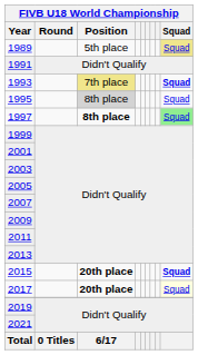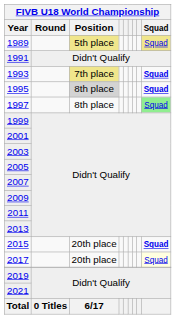 <table class="wikitable" style="text-align: center;">
 <tr>
 <th colspan=9><a href='#'>FIVB U18 World Championship</a></th>
 </tr>
 <tr>
 <th>Year</th>
 <th>Round</th>
 <th>Position</th>
 <th></th>
 <th></th>
 <th></th>
 <th></th>
 <th></th>
 <th><small>Squad</small></th>
 </tr>
 <tr>
 <td> <a href='#'>1989</a></td>
 <td></td>
-<td>5th place</td>
+<td style="background: khaki;">5th place</td>
 <td></td>
 <td></td>
 <td></td>
 <td></td>
 <td></td>
 <td style="background: khaki;"><small> <a href='#'>Squad</a></small></td>
 </tr>
 <tr bgcolor="efefef">
 <td> <a href='#'>1991</a></td>
 <td colspan=9>Didn't Qualify</td>
 </tr>
 <tr>
 <td> <a href='#'>1993</a></td>
 <td></td>
 <td style="background: khaki;">7th place</td>
 <td></td>
 <td></td>
 <td></td>
 <td></td>
 <td></td>
 <td><strong><small> <a href='#'>Squad</a></small></strong></td>
 </tr>
 <tr>
 <td> <a href='#'>1995</a></td>
 <td></td>
 <td style="background: lightgrey;">8th place</td>
 <td></td>
 <td></td>
 <td></td>
 <td></td>
 <td></td>
-<td><small> <a href='#'>Squad</a></small></td>
+<td><strong><small> <a href='#'>Squad</a></small></strong></td>
 </tr>
 <tr>
 <td> <a href='#'>1997</a></td>
 <td></td>
-<td><strong>8th place</strong></td>
+<td>8th place</td>
 <td></td>
 <td></td>
 <td></td>
 <td></td>
 <td></td>
 <td style="background: lightgreen;"><small> <a href='#'>Squad</a></small></td>
 </tr>
 <tr bgcolor="efefef">
 <td> <a href='#'>1999</a></td>
 <td colspan= 9 rowspan=8>Didn't Qualify</td>
 </tr>
 <tr bgcolor="efefef">
 <td> <a href='#'>2001</a></td>
 </tr>
 <tr bgcolor="efefef">
 <td> <a href='#'>2003</a></td>
 </tr>
 <tr bgcolor="efefef">
 <td> <a href='#'>2005</a></td>
 </tr>
 <tr bgcolor="efefef">
 <td> <a href='#'>2007</a></td>
 </tr>
 <tr bgcolor="efefef">
 <td> <a href='#'>2009</a></td>
 </tr>
 <tr bgcolor="efefef">
 <td> <a href='#'>2011</a></td>
 </tr>
 <tr bgcolor="efefef">
 <td> <a href='#'>2013</a></td>
 </tr>
 <tr>
 <td> <a href='#'>2015</a></td>
 <td></td>
-<td><strong>20th place</strong></td>
+<td>20th place</td>
 <td></td>
 <td></td>
 <td></td>
 <td></td>
 <td></td>
 <td><strong><small><a href='#'>Squad</a></small></strong></td>
 </tr>
 <tr>
 <td> <a href='#'>2017</a></td>
 <td></td>
-<td><strong>20th place</strong></td>
+<td>20th place</td>
 <td></td>
 <td></td>
 <td></td>
 <td></td>
 <td></td>
 <td style="background: lightyellow;"><small><a href='#'>Squad</a></small></td>
 </tr>
 <tr>
 </tr>
 <tr bgcolor="efefef">
 <td> <a href='#'>2019</a></td>
 <td colspan=9 rowspan="2">Didn't Qualify</td>
 </tr>
 <tr bgcolor="efefef">
 <td> <a href='#'>2021</a></td>
 </tr>
 <tr>
 <th>Total</th>
 <th>0 Titles</th>
 <th>6/17</th>
 <th></th>
 <th></th>
 <th></th>
 <th></th>
 <th></th>
 <th></th>
 </tr>
 </table>
